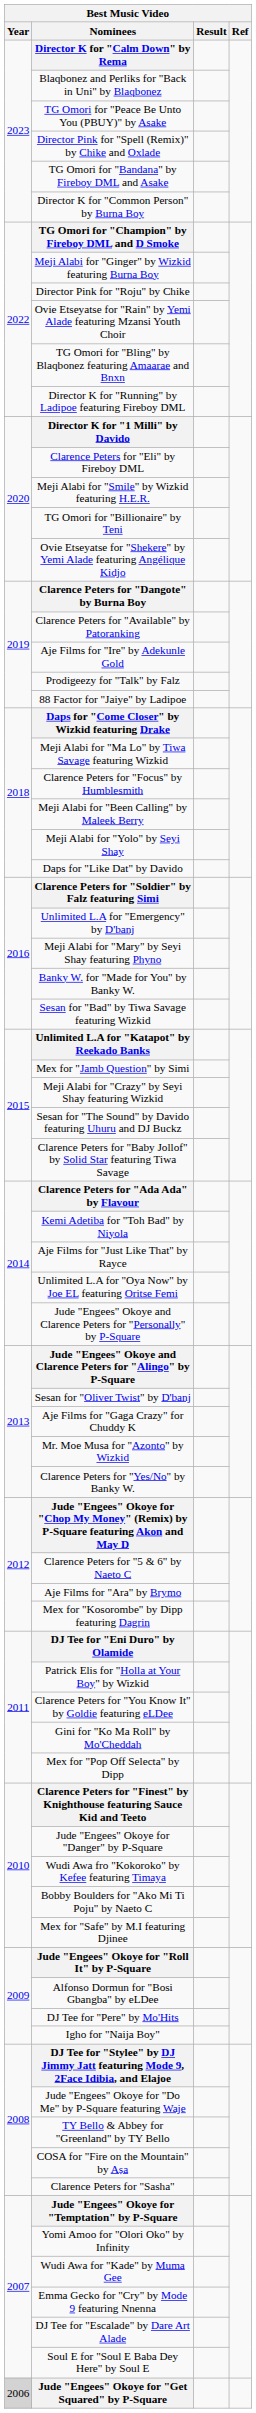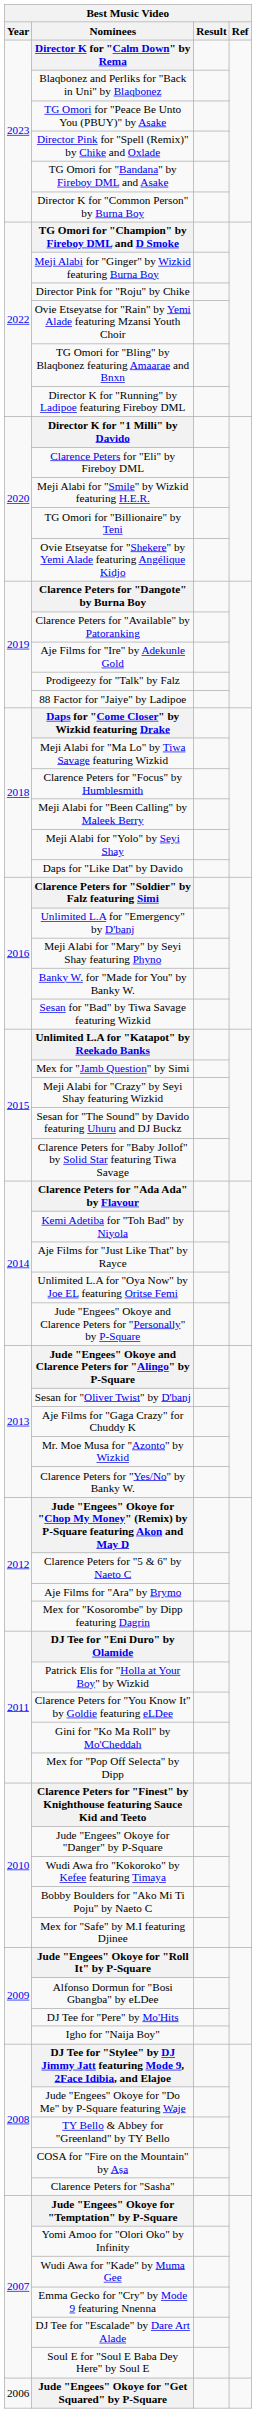 <table class="wikitable" style="text-align:center; width:40%;">
 <tr>
 <th colspan="4">Best Music Video</th>
 </tr>
 <tr>
 <th>Year</th>
 <th>Nominees</th>
 <th>Result</th>
 <th>Ref</th>
 </tr>
 <tr>
 <td rowspan="6"><a href='#'>2023</a></td>
 <th><a href='#'>Director K</a> for "<a href='#'>Calm Down</a>" by <a href='#'>Rema</a></th>
 <td></td>
 <td rowspan="6"></td>
 </tr>
 <tr>
 <td>Blaqbonez and Perliks for "Back in Uni" by <a href='#'>Blaqbonez</a></td>
 <td></td>
 </tr>
 <tr>
 <td><a href='#'>TG Omori</a> for "Peace Be Unto You (PBUY)" by <a href='#'>Asake</a></td>
 <td></td>
 </tr>
 <tr>
 <td><a href='#'>Director Pink</a> for "Spell (Remix)" by <a href='#'>Chike</a> and <a href='#'>Oxlade</a></td>
 <td></td>
 </tr>
 <tr>
 <td>TG Omori for "<a href='#'>Bandana</a>" by <a href='#'>Fireboy DML</a> and <a href='#'>Asake</a></td>
 <td></td>
 </tr>
 <tr>
 <td>Director K for "Common Person" by <a href='#'>Burna Boy</a></td>
 <td></td>
 </tr>
 <tr>
 <td rowspan="6"><a href='#'>2022</a></td>
 <th>TG Omori for "Champion" by <a href='#'>Fireboy DML</a> and <a href='#'>D Smoke</a></th>
 <td></td>
 <td rowspan="6"></td>
 </tr>
 <tr>
 <td><a href='#'>Meji Alabi</a> for "Ginger" by <a href='#'>Wizkid</a> featuring <a href='#'>Burna Boy</a></td>
 <td></td>
 </tr>
 <tr>
 <td>Director Pink for "Roju" by Chike</td>
 <td></td>
 </tr>
 <tr>
 <td>Ovie Etseyatse for "Rain" by <a href='#'>Yemi Alade</a> featuring Mzansi Youth Choir</td>
 <td></td>
 </tr>
 <tr>
 <td>TG Omori for "Bling" by Blaqbonez featuring <a href='#'>Amaarae</a> and <a href='#'>Bnxn</a></td>
 <td></td>
 </tr>
 <tr>
 <td>Director K for "Running" by <a href='#'>Ladipoe</a> featuring Fireboy DML</td>
 <td></td>
 </tr>
 <tr>
 <td rowspan="5"><a href='#'>2020</a></td>
 <th>Director K for "1 Milli" by <a href='#'>Davido</a></th>
 <td></td>
 <td rowspan="5"></td>
 </tr>
 <tr>
 <td><a href='#'>Clarence Peters</a> for "Eli" by Fireboy DML</td>
 <td></td>
 </tr>
 <tr>
 <td>Meji Alabi for "<a href='#'>Smile</a>" by Wizkid featuring <a href='#'>H.E.R.</a></td>
 <td></td>
 </tr>
 <tr>
 <td>TG Omori for "Billionaire" by <a href='#'>Teni</a></td>
 <td></td>
 </tr>
 <tr>
 <td>Ovie Etseyatse for "<a href='#'>Shekere</a>" by <a href='#'>Yemi Alade</a> featuring <a href='#'>Angélique Kidjo</a></td>
 <td></td>
 </tr>
 <tr>
 <td rowspan="5"><a href='#'>2019</a></td>
 <th>Clarence Peters for "Dangote" by Burna Boy</th>
 <td></td>
 <td rowspan="5"></td>
 </tr>
 <tr>
 <td>Clarence Peters for "Available" by <a href='#'>Patoranking</a></td>
 <td></td>
 </tr>
 <tr>
 <td>Aje Films for "Ire" by <a href='#'>Adekunle Gold</a></td>
 <td></td>
 </tr>
 <tr>
 <td>Prodigeezy for "Talk" by Falz</td>
 <td></td>
 </tr>
 <tr>
 <td>88 Factor for "Jaiye" by Ladipoe</td>
 <td></td>
 </tr>
 <tr>
 <td rowspan="6"><a href='#'>2018</a></td>
 <th><a href='#'>Daps</a> for "<a href='#'>Come Closer</a>" by Wizkid featuring <a href='#'>Drake</a></th>
 <td></td>
 <td rowspan="6"></td>
 </tr>
 <tr>
 <td>Meji Alabi for "Ma Lo" by <a href='#'>Tiwa Savage</a> featuring Wizkid</td>
 <td></td>
 </tr>
 <tr>
 <td>Clarence Peters for "Focus" by <a href='#'>Humblesmith</a></td>
 <td></td>
 </tr>
 <tr>
 <td>Meji Alabi for "Been Calling" by <a href='#'>Maleek Berry</a></td>
 <td></td>
 </tr>
 <tr>
 <td>Meji Alabi for "Yolo" by <a href='#'>Seyi Shay</a></td>
 <td></td>
 </tr>
 <tr>
 <td>Daps for "Like Dat" by Davido</td>
 <td></td>
 </tr>
 <tr>
 <td rowspan="5"><a href='#'>2016</a></td>
 <th>Clarence Peters for "Soldier" by Falz featuring <a href='#'>Simi</a></th>
 <td></td>
 <td rowspan="5"></td>
 </tr>
 <tr>
 <td><a href='#'>Unlimited L.A</a> for "Emergency" by <a href='#'>D'banj</a></td>
 <td></td>
 </tr>
 <tr>
 <td>Meji Alabi for "Mary" by Seyi Shay featuring <a href='#'>Phyno</a></td>
 <td></td>
 </tr>
 <tr>
 <td><a href='#'>Banky W.</a> for "Made for You" by Banky W.</td>
 <td></td>
 </tr>
 <tr>
 <td><a href='#'>Sesan</a> for "Bad" by Tiwa Savage featuring Wizkid</td>
 <td></td>
 </tr>
 <tr>
 <td rowspan="5"><a href='#'>2015</a></td>
 <th>Unlimited L.A for "Katapot" by <a href='#'>Reekado Banks</a></th>
 <td></td>
 <td rowspan="5"></td>
 </tr>
 <tr>
 <td>Mex for "<a href='#'>Jamb Question</a>" by Simi</td>
 <td></td>
 </tr>
 <tr>
 <td>Meji Alabi for "Crazy" by Seyi Shay featuring Wizkid</td>
 <td></td>
 </tr>
 <tr>
 <td>Sesan for "The Sound" by Davido featuring <a href='#'>Uhuru</a> and DJ Buckz</td>
 <td></td>
 </tr>
 <tr>
 <td>Clarence Peters for "Baby Jollof" by <a href='#'>Solid Star</a> featuring Tiwa Savage</td>
 <td></td>
 </tr>
 <tr>
 <td rowspan="5"><a href='#'>2014</a></td>
 <th>Clarence Peters for "Ada Ada" by <a href='#'>Flavour</a></th>
 <td></td>
 <td rowspan="5"></td>
 </tr>
 <tr>
 <td><a href='#'>Kemi Adetiba</a> for "Toh Bad" by <a href='#'>Niyola</a></td>
 <td></td>
 </tr>
 <tr>
 <td>Aje Films for "Just Like That" by Rayce</td>
 <td></td>
 </tr>
 <tr>
 <td>Unlimited L.A for "Oya Now" by <a href='#'>Joe EL</a> featuring <a href='#'>Oritse Femi</a></td>
 <td></td>
 </tr>
 <tr>
 <td>Jude "Engees" Okoye and Clarence Peters for "<a href='#'>Personally</a>" by <a href='#'>P-Square</a></td>
 <td></td>
 </tr>
 <tr>
 <td rowspan="5"><a href='#'>2013</a></td>
 <th>Jude "Engees" Okoye and Clarence Peters for "<a href='#'>Alingo</a>" by P-Square</th>
 <td></td>
 <td rowspan="5"></td>
 </tr>
 <tr>
 <td>Sesan for "<a href='#'>Oliver Twist</a>" by <a href='#'>D'banj</a></td>
 <td></td>
 </tr>
 <tr>
 <td>Aje Films for "Gaga Crazy" for Chuddy K</td>
 <td></td>
 </tr>
 <tr>
 <td>Mr. Moe Musa for "<a href='#'>Azonto</a>" by <a href='#'>Wizkid</a></td>
 <td></td>
 </tr>
 <tr>
 <td>Clarence Peters for "<a href='#'>Yes/No</a>" by Banky W.</td>
 <td></td>
 </tr>
 <tr>
 <td rowspan="4"><a href='#'>2012</a></td>
 <th>Jude "Engees" Okoye for "<a href='#'>Chop My Money</a>" (Remix) by P-Square featuring <a href='#'>Akon</a> and <a href='#'>May D</a></th>
 <td></td>
 <td rowspan="4"></td>
 </tr>
 <tr>
 <td>Clarence Peters for "5 & 6" by <a href='#'>Naeto C</a></td>
 <td></td>
 </tr>
 <tr>
 <td>Aje Films for "Ara" by <a href='#'>Brymo</a></td>
 <td></td>
 </tr>
 <tr>
 <td>Mex for "Kosorombe" by Dipp featuring <a href='#'>Dagrin</a></td>
 <td></td>
 </tr>
 <tr>
 <td rowspan="5"><a href='#'>2011</a></td>
 <th>DJ Tee for "Eni Duro" by <a href='#'>Olamide</a></th>
 <td></td>
 <td rowspan="5"></td>
 </tr>
 <tr>
 <td>Patrick Elis for "<a href='#'>Holla at Your Boy</a>" by Wizkid</td>
 <td></td>
 </tr>
 <tr>
 <td>Clarence Peters for "You Know It" by <a href='#'>Goldie</a> featuring <a href='#'>eLDee</a></td>
 <td></td>
 </tr>
 <tr>
 <td>Gini for "Ko Ma Roll" by <a href='#'>Mo'Cheddah</a></td>
 <td></td>
 </tr>
 <tr>
 <td>Mex for "Pop Off Selecta" by Dipp</td>
 <td></td>
 </tr>
 <tr>
 <td rowspan="5"><a href='#'>2010</a></td>
 <th>Clarence Peters for "Finest" by Knighthouse featuring Sauce Kid and Teeto</th>
 <td></td>
 <td rowspan="5"></td>
 </tr>
 <tr>
 <td>Jude "Engees" Okoye for "Danger" by P-Square</td>
 <td></td>
 </tr>
 <tr>
 <td>Wudi Awa fro "Kokoroko" by <a href='#'>Kefee</a> featuring <a href='#'>Timaya</a></td>
 <td></td>
 </tr>
 <tr>
 <td>Bobby Boulders for "Ako Mi Ti Poju" by Naeto C</td>
 <td></td>
 </tr>
 <tr>
 <td>Mex for "Safe" by M.I featuring Djinee</td>
 <td></td>
 </tr>
 <tr>
 <td rowspan="4"><a href='#'>2009</a></td>
 <th>Jude "Engees" Okoye for "Roll It" by P-Square</th>
 <td></td>
 <td rowspan="4"></td>
 </tr>
 <tr>
 <td>Alfonso Dormun for "Bosi Gbangba" by eLDee</td>
 <td></td>
 </tr>
 <tr>
 <td>DJ Tee for "Pere" by <a href='#'>Mo'Hits</a></td>
 <td></td>
 </tr>
 <tr>
 <td>Igho for "Naija Boy"</td>
 <td></td>
 </tr>
 <tr>
 <td rowspan="5"><a href='#'>2008</a></td>
 <th>DJ Tee for "Stylee" by <a href='#'>DJ Jimmy Jatt</a> featuring <a href='#'>Mode 9</a>, <a href='#'>2Face Idibia</a>, and Elajoe</th>
 <td></td>
 <td rowspan="5"></td>
 </tr>
 <tr>
 <td>Jude "Engees" Okoye for "Do Me" by P-Square featuring <a href='#'>Waje</a></td>
 <td></td>
 </tr>
 <tr>
 <td><a href='#'>TY Bello</a> & Abbey for "Greenland" by TY Bello</td>
 <td></td>
 </tr>
 <tr>
 <td>COSA for "Fire on the Mountain" by <a href='#'>Aṣa</a></td>
 <td></td>
 </tr>
 <tr>
 <td>Clarence Peters for "Sasha"</td>
 <td></td>
 </tr>
 <tr>
 <td rowspan="6"><a href='#'>2007</a></td>
 <th>Jude "Engees" Okoye for "Temptation" by P-Square</th>
 <td></td>
 <td rowspan="6"></td>
 </tr>
 <tr>
 <td>Yomi Amoo for "Olori Oko" by Infinity</td>
 <td></td>
 </tr>
 <tr>
 <td>Wudi Awa for "Kade" by <a href='#'>Muma Gee</a></td>
 <td></td>
 </tr>
 <tr>
 <td>Emma Gecko for "Cry" by <a href='#'>Mode 9</a> featuring Nnenna</td>
 <td></td>
 </tr>
 <tr>
 <td>DJ Tee for "Escalade" by <a href='#'>Dare Art Alade</a></td>
 <td></td>
 </tr>
 <tr>
 <td>Soul E for "Soul E Baba Dey Here" by Soul E</td>
 <td></td>
 </tr>
 <tr>
-<td style="background: lightgrey;">2006</td>
+<td>2006</td>
 <th>Jude "Engees" Okoye for "Get Squared" by P-Square</th>
 <td></td>
 <td></td>
 </tr>
 </table>
